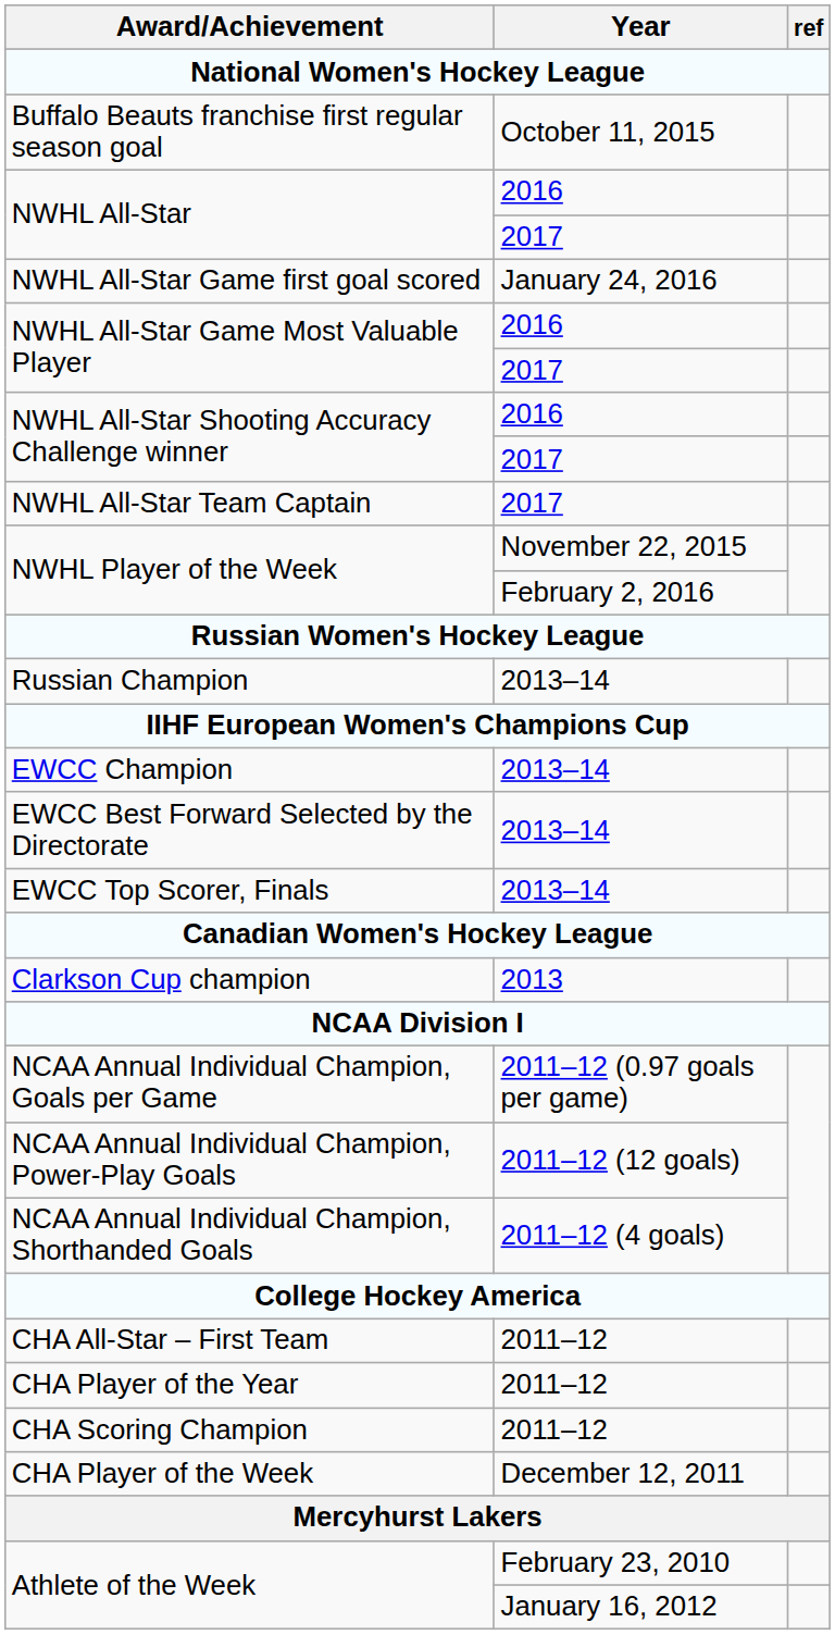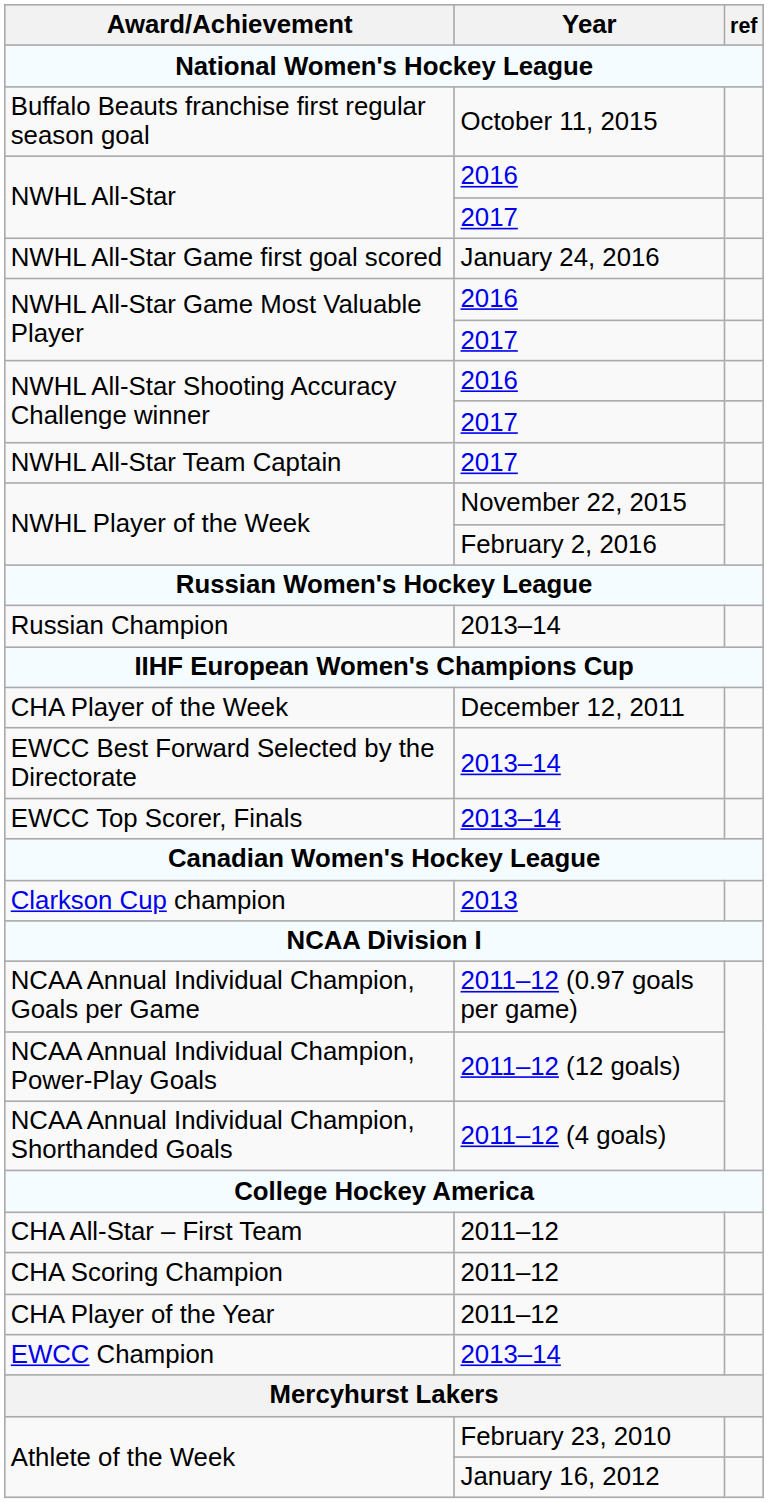 <table class="wikitable">
 <tr>
 <th scope="col" style="width:17em">Award/Achievement</th>
 <th scope="col" style="width:10em">Year</th>
 <th scope="col" style="width:1em"><small>ref</small></th>
 </tr>
 <tr>
 <th colspan="3" style="background:#F5FCFF;">National Women's Hockey League</th>
 </tr>
 <tr>
 <td>Buffalo Beauts franchise first regular season goal</td>
 <td>October 11, 2015</td>
 <td></td>
 </tr>
 <tr>
 <td rowspan="2">NWHL All-Star</td>
 <td><a href='#'>2016</a></td>
 <td></td>
 </tr>
 <tr>
 <td><a href='#'>2017</a></td>
 <td></td>
 </tr>
 <tr>
 <td>NWHL All-Star Game first goal scored</td>
 <td>January 24, 2016</td>
 <td></td>
 </tr>
 <tr>
 <td rowspan="2">NWHL All-Star Game Most Valuable Player</td>
 <td><a href='#'>2016</a></td>
 <td></td>
 </tr>
 <tr>
 <td><a href='#'>2017</a></td>
 <td></td>
 </tr>
 <tr>
 <td rowspan="2">NWHL All-Star Shooting Accuracy Challenge winner</td>
 <td><a href='#'>2016</a></td>
 <td></td>
 </tr>
 <tr>
 <td><a href='#'>2017</a></td>
 <td></td>
 </tr>
 <tr>
 <td>NWHL All-Star Team Captain</td>
 <td><a href='#'>2017</a></td>
 <td></td>
 </tr>
 <tr>
 <td rowspan="2">NWHL Player of the Week</td>
 <td>November 22, 2015</td>
 <td rowspan="2"></td>
 </tr>
 <tr>
 <td>February 2, 2016</td>
 </tr>
 <tr>
 <th colspan="3" style="background:#F5FCFF;">Russian Women's Hockey League</th>
 </tr>
 <tr>
 <td>Russian Champion</td>
 <td>2013–14</td>
 <td></td>
 </tr>
 <tr>
 <th colspan="3" style="background:#F5FCFF;">IIHF European Women's Champions Cup</th>
 </tr>
 <tr>
-<td><a href='#'>EWCC</a> Champion</td>
-<td><a href='#'>2013–14</a></td>
+<td>CHA Player of the Week</td>
+<td>December 12, 2011</td>
 <td></td>
 </tr>
 <tr>
 <td>EWCC Best Forward Selected by the Directorate</td>
 <td><a href='#'>2013–14</a></td>
 <td></td>
 </tr>
 <tr>
 <td>EWCC Top Scorer, Finals</td>
 <td><a href='#'>2013–14</a></td>
 <td></td>
 </tr>
 <tr>
 <th colspan="3" style="background:#F5FCFF;">Canadian Women's Hockey League</th>
 </tr>
 <tr>
 <td><a href='#'>Clarkson Cup</a> champion</td>
 <td><a href='#'>2013</a></td>
 <td></td>
 </tr>
 <tr>
 <th colspan="3" style="background:#F5FCFF;">NCAA Division I</th>
 </tr>
 <tr>
 <td>NCAA Annual Individual Champion, Goals per Game</td>
 <td><a href='#'>2011–12</a> (0.97 goals per game)</td>
 <td rowspan="3"></td>
 </tr>
 <tr>
 <td>NCAA Annual Individual Champion, Power-Play Goals</td>
 <td><a href='#'>2011–12</a> (12 goals)</td>
 </tr>
 <tr>
 <td>NCAA Annual Individual Champion, Shorthanded Goals</td>
 <td><a href='#'>2011–12</a> (4 goals)</td>
 </tr>
 <tr>
 <th colspan="3" style="background:#F5FCFF;">College Hockey America</th>
 </tr>
 <tr>
 <td>CHA All-Star – First Team</td>
 <td>2011–12</td>
 <td></td>
 </tr>
 <tr>
+<td>CHA Scoring Champion</td>
+<td>2011–12</td>
+<td></td>
+</tr>
+<tr>
 <td>CHA Player of the Year</td>
 <td>2011–12</td>
 <td></td>
 </tr>
 <tr>
-<td>CHA Scoring Champion</td>
-<td>2011–12</td>
-<td></td>
-</tr>
-<tr>
-<td>CHA Player of the Week</td>
-<td>December 12, 2011</td>
+<td><a href='#'>EWCC</a> Champion</td>
+<td><a href='#'>2013–14</a></td>
 <td></td>
 </tr>
 <tr>
 <th colspan="3">Mercyhurst Lakers</th>
 </tr>
 <tr>
 <td rowspan="2">Athlete of the Week</td>
 <td>February 23, 2010</td>
 <td></td>
 </tr>
 <tr>
 <td>January 16, 2012</td>
 <td></td>
 </tr>
 </table>
